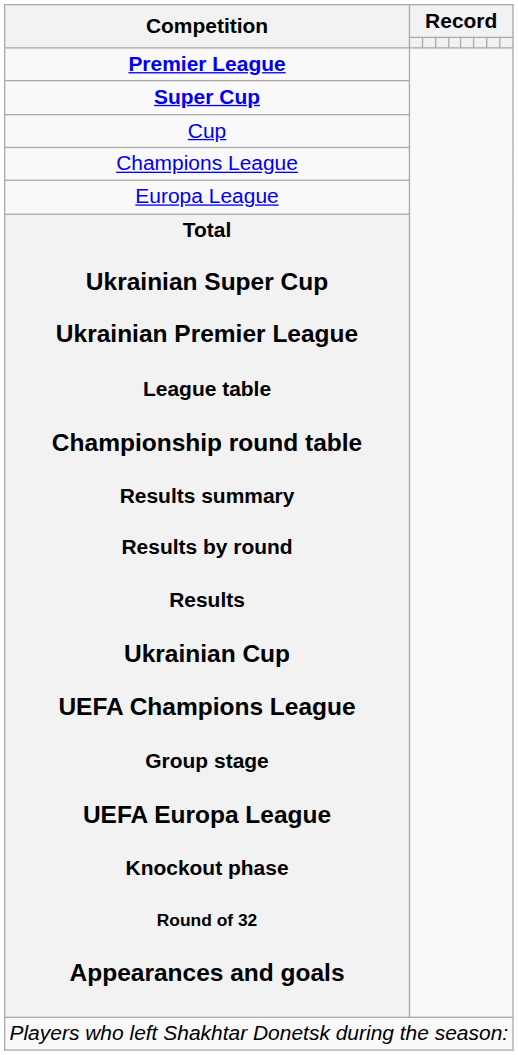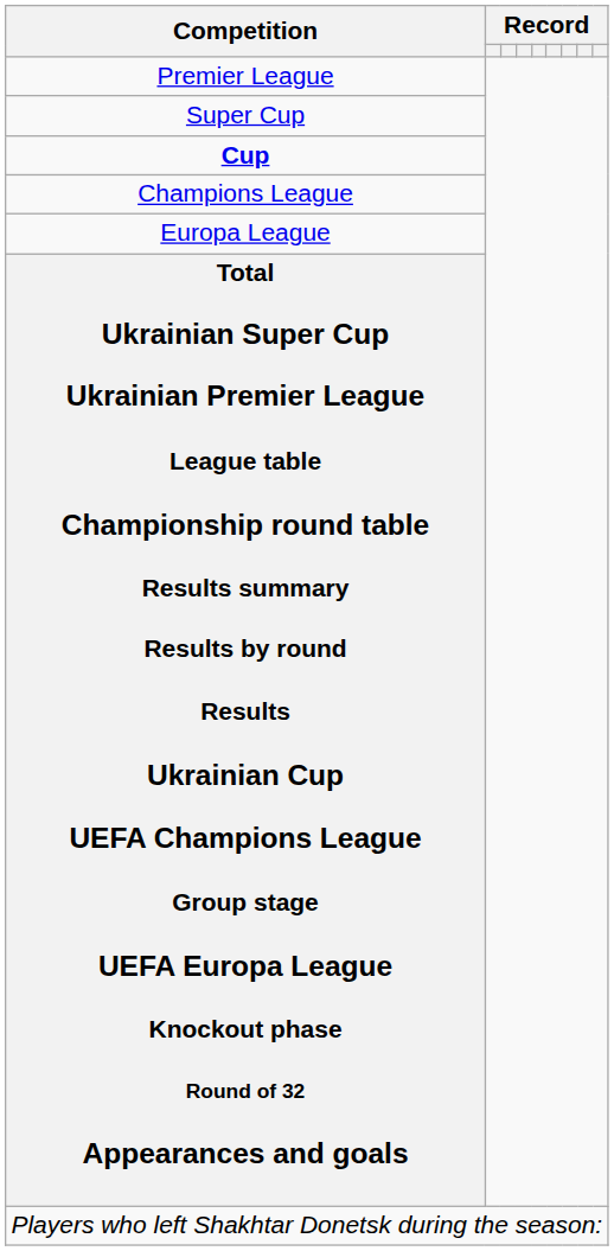 <table class="wikitable" style="text-align: center">
 <tr>
 <th rowspan=2>Competition</th>
 <th colspan=8>Record</th>
 </tr>
 <tr>
 <th></th>
 <th></th>
 <th></th>
 <th></th>
 <th></th>
 <th></th>
 <th></th>
 <th></th>
 </tr>
 <tr>
-<td><strong><a href='#'>Premier League</a><br></strong></td>
+<td><a href='#'>Premier League</a><br></td>
 </tr>
 <tr>
-<td><strong><a href='#'>Super Cup</a><br></strong></td>
+<td><a href='#'>Super Cup</a><br></td>
 </tr>
 <tr>
-<td><a href='#'>Cup</a><br></td>
+<td><strong><a href='#'>Cup</a><br></strong></td>
 </tr>
 <tr>
 <td><a href='#'>Champions League</a><br></td>
 </tr>
 <tr>
 <td><a href='#'>Europa League</a><br></td>
 </tr>
 <tr>
 <th>Total<br> <h3>Ukrainian Super Cup</h3> <h3>Ukrainian Premier League</h3><h4>League table</h4><h3>Championship round table</h3><h4>Results summary</h4><h4>Results by round</h4><h4>Results</h4>                               <h3>Ukrainian Cup</h3>    <h3>UEFA Champions League</h3><h4>Group stage</h4>       <h3>UEFA Europa League</h3><h4>Knockout phase</h4><h5>Round of 32</h5> <h3>Appearances and goals</h3>                              </th>
 </tr>
 <tr>
 <td colspan="14"><em>Players who left Shakhtar Donetsk during the season:</em><br>  </td>
 </tr>
 </table>
